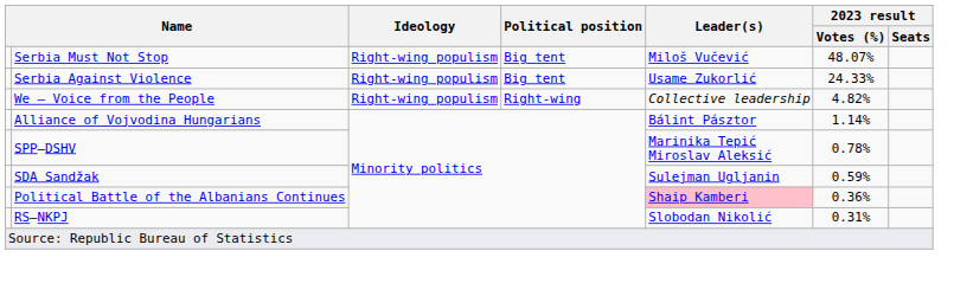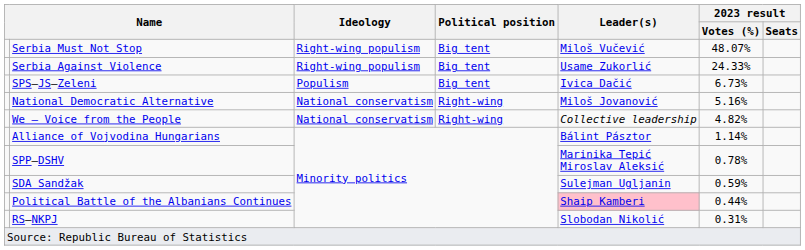 <table class="wikitable" style="text-align:left">
 <tr>
 <th colspan="2" rowspan="2">Name</th>
 <th rowspan="2">Ideology</th>
 <th rowspan="2">Political position</th>
 <th rowspan="2">Leader(s)</th>
 <th colspan="2">2023 result</th>
 </tr>
 <tr>
 <th>Votes (%)</th>
 <th>Seats</th>
 </tr>
 <tr>
 <td style="background:"></td>
 <td><a href='#'>Serbia Must Not Stop</a></td>
 <td><a href='#'>Right-wing populism</a></td>
 <td><a href='#'>Big tent</a></td>
 <td><a href='#'>Miloš Vučević</a></td>
 <td style="text-align:center">48.07%</td>
 <td></td>
 </tr>
 <tr>
 <td style="background:"></td>
 <td><a href='#'>Serbia Against Violence</a></td>
 <td><a href='#'>Right-wing populism</a></td>
 <td><a href='#'>Big tent</a></td>
 <td><a href='#'>Usame Zukorlić</a></td>
 <td style="text-align:center">24.33%</td>
 <td></td>
 </tr>
 <tr>
 <td style="background:"></td>
+<td><a href='#'>SPS</a>–<a href='#'>JS</a>–<a href='#'>Zeleni</a></td>
+<td><a href='#'>Populism</a></td>
+<td><a href='#'>Big tent</a></td>
+<td><a href='#'>Ivica Dačić</a></td>
+<td style="text-align:center">6.73%</td>
+<td></td>
+</tr>
+<tr>
+<td style="background:"></td>
+<td><a href='#'>National Democratic Alternative</a></td>
+<td><a href='#'>National conservatism</a></td>
+<td><a href='#'>Right-wing</a></td>
+<td><a href='#'>Miloš Jovanović</a></td>
+<td style="text-align:center">5.16%</td>
+<td></td>
+</tr>
+<tr>
+<td style="background:"></td>
 <td><a href='#'>We – Voice from the People</a></td>
-<td><a href='#'>Right-wing populism</a></td>
+<td><a href='#'>National conservatism</a></td>
 <td><a href='#'>Right-wing</a></td>
 <td><em>Collective leadership</em></td>
 <td style="text-align:center">4.82%</td>
 <td></td>
 </tr>
 <tr>
 <td style="background:"></td>
 <td><a href='#'>Alliance of Vojvodina Hungarians</a></td>
 <td colspan="2" rowspan="5"><a href='#'>Minority politics</a></td>
 <td><a href='#'>Bálint Pásztor</a></td>
 <td style="text-align:center">1.14%</td>
 <td></td>
 </tr>
 <tr>
 <td style="background:"></td>
 <td><a href='#'>SPP</a>–<a href='#'>DSHV</a></td>
 <td><a href='#'>Marinika Tepić</a><br><a href='#'>Miroslav Aleksić</a></td>
 <td style="text-align:center">0.78%</td>
 <td></td>
 </tr>
 <tr>
 <td style="background:"></td>
 <td><a href='#'>SDA Sandžak</a></td>
 <td><a href='#'>Sulejman Ugljanin</a></td>
 <td style="text-align:center">0.59%</td>
 <td></td>
 </tr>
 <tr>
 <td style="background:"></td>
 <td><a href='#'>Political Battle of the Albanians Continues</a></td>
 <td style="background: pink;"><a href='#'>Shaip Kamberi</a></td>
-<td style="text-align:center">0.36%</td>
+<td style="text-align:center">0.44%</td>
 <td></td>
 </tr>
 <tr>
 <td style="background:"></td>
 <td><a href='#'>RS</a>–<a href='#'>NKPJ</a></td>
 <td><a href='#'>Slobodan Nikolić</a></td>
 <td style="text-align:center">0.31%</td>
 <td></td>
 </tr>
 <tr>
 <td style="background-color: #EAECF0" colspan="7">Source: Republic Bureau of Statistics</td>
 </tr>
 </table>
